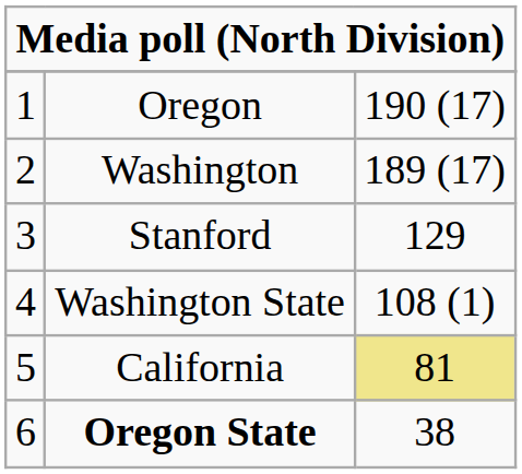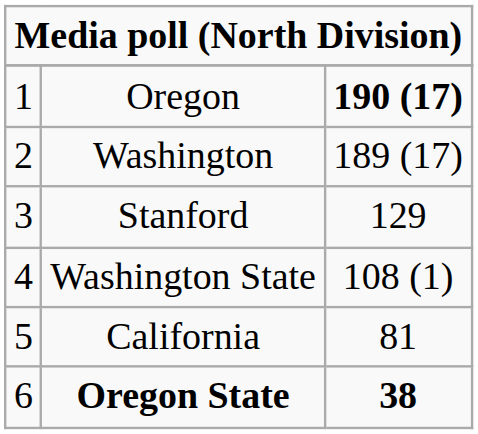 <table class="wikitable" style="display: inline-table;">
 <tr>
 <td align="center" Colspan="3"><strong>Media poll (North Division)</strong></td>
 </tr>
 <tr align="center">
 </tr>
 <tr align="center">
 <td>1</td>
 <td>Oregon</td>
-<td>190 (17)</td>
+<td><strong>190 (17)</strong></td>
 </tr>
 <tr align="center">
 <td>2</td>
 <td>Washington</td>
 <td>189 (17)</td>
 </tr>
 <tr align="center">
 <td>3</td>
 <td>Stanford</td>
 <td>129</td>
 </tr>
 <tr align="center">
 <td>4</td>
 <td>Washington State</td>
 <td>108 (1)</td>
 </tr>
 <tr align="center">
 <td>5</td>
 <td>California</td>
-<td style="background: khaki;">81</td>
+<td>81</td>
 </tr>
 <tr align="center">
 <td>6</td>
 <td><strong>Oregon State</strong></td>
-<td>38</td>
+<td><strong>38</strong></td>
 </tr>
 </table>
